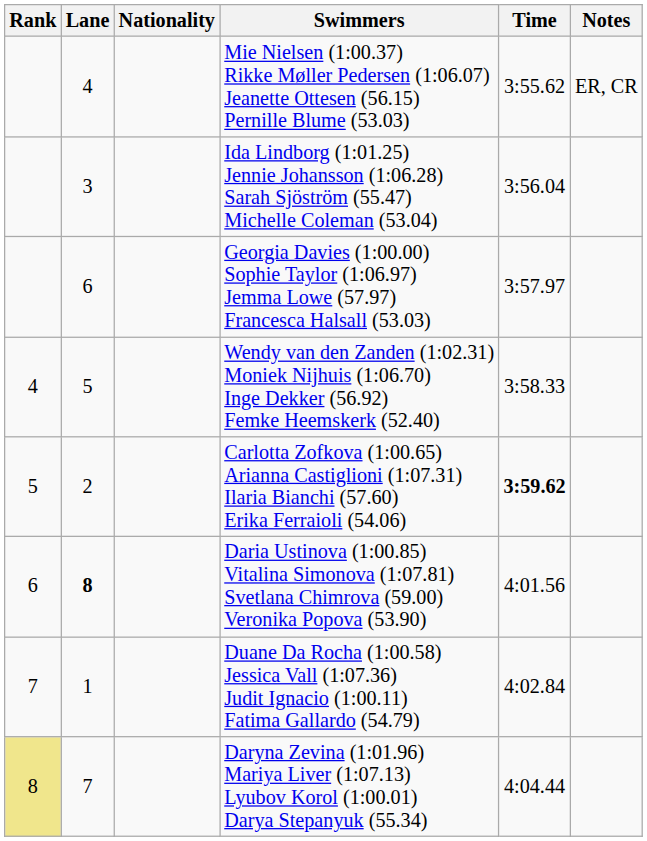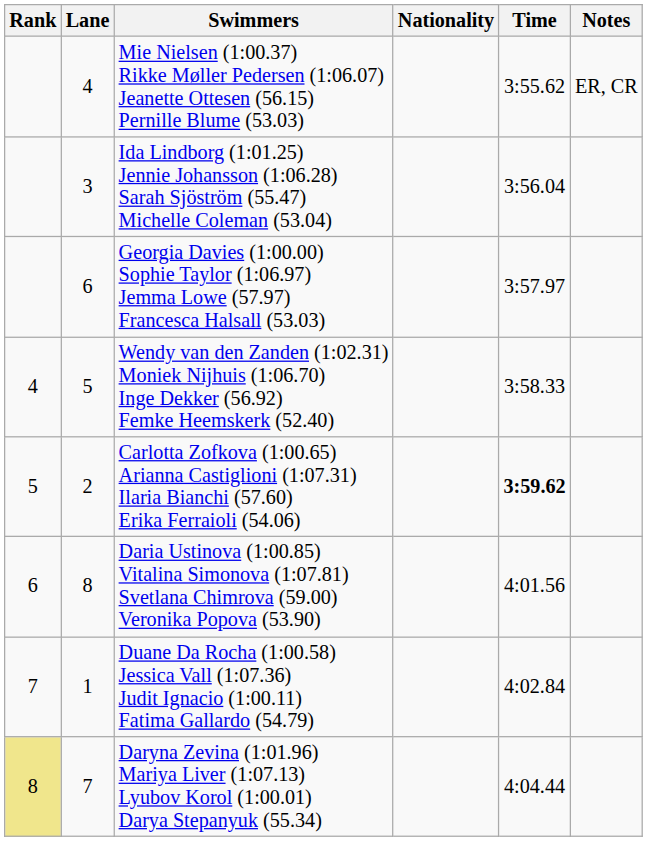 <table class="wikitable sortable" style="text-align:center">
 <tr>
 <th>Rank</th>
 <th>Lane</th>
+<th>Swimmers</th>
 <th>Nationality</th>
-<th>Swimmers</th>
 <th>Time</th>
 <th>Notes</th>
 </tr>
 <tr>
 <td></td>
 <td>4</td>
+<td align=left><a href='#'>Mie Nielsen</a> (1:00.37)<br><a href='#'>Rikke Møller Pedersen</a> (1:06.07)<br><a href='#'>Jeanette Ottesen</a> (56.15)<br><a href='#'>Pernille Blume</a> (53.03)</td>
 <td align=left></td>
-<td align=left><a href='#'>Mie Nielsen</a> (1:00.37)<br><a href='#'>Rikke Møller Pedersen</a> (1:06.07)<br><a href='#'>Jeanette Ottesen</a> (56.15)<br><a href='#'>Pernille Blume</a> (53.03)</td>
 <td>3:55.62</td>
 <td>ER, CR</td>
 </tr>
 <tr>
 <td></td>
 <td>3</td>
+<td align=left><a href='#'>Ida Lindborg</a> (1:01.25)<br><a href='#'>Jennie Johansson</a> (1:06.28)<br><a href='#'>Sarah Sjöström</a> (55.47)<br><a href='#'>Michelle Coleman</a> (53.04)</td>
 <td align=left></td>
-<td align=left><a href='#'>Ida Lindborg</a> (1:01.25)<br><a href='#'>Jennie Johansson</a> (1:06.28)<br><a href='#'>Sarah Sjöström</a> (55.47)<br><a href='#'>Michelle Coleman</a> (53.04)</td>
 <td>3:56.04</td>
 <td></td>
 </tr>
 <tr>
 <td></td>
 <td>6</td>
+<td align=left><a href='#'>Georgia Davies</a> (1:00.00)<br><a href='#'>Sophie Taylor</a> (1:06.97)<br><a href='#'>Jemma Lowe</a> (57.97)<br><a href='#'>Francesca Halsall</a> (53.03)</td>
 <td align=left></td>
-<td align=left><a href='#'>Georgia Davies</a> (1:00.00)<br><a href='#'>Sophie Taylor</a> (1:06.97)<br><a href='#'>Jemma Lowe</a> (57.97)<br><a href='#'>Francesca Halsall</a> (53.03)</td>
 <td>3:57.97</td>
 <td></td>
 </tr>
 <tr>
 <td>4</td>
 <td>5</td>
+<td align=left><a href='#'>Wendy van den Zanden</a> (1:02.31)<br><a href='#'>Moniek Nijhuis</a> (1:06.70)<br><a href='#'>Inge Dekker</a> (56.92)<br><a href='#'>Femke Heemskerk</a> (52.40)</td>
 <td align=left></td>
-<td align=left><a href='#'>Wendy van den Zanden</a> (1:02.31)<br><a href='#'>Moniek Nijhuis</a> (1:06.70)<br><a href='#'>Inge Dekker</a> (56.92)<br><a href='#'>Femke Heemskerk</a> (52.40)</td>
 <td>3:58.33</td>
 <td></td>
 </tr>
 <tr>
 <td>5</td>
 <td>2</td>
+<td align=left><a href='#'>Carlotta Zofkova</a> (1:00.65)<br><a href='#'>Arianna Castiglioni</a> (1:07.31)<br><a href='#'>Ilaria Bianchi</a> (57.60)<br><a href='#'>Erika Ferraioli</a> (54.06)</td>
 <td align=left></td>
-<td align=left><a href='#'>Carlotta Zofkova</a> (1:00.65)<br><a href='#'>Arianna Castiglioni</a> (1:07.31)<br><a href='#'>Ilaria Bianchi</a> (57.60)<br><a href='#'>Erika Ferraioli</a> (54.06)</td>
 <td><strong>3:59.62</strong></td>
 <td></td>
 </tr>
 <tr>
 <td>6</td>
-<td><strong>8</strong></td>
+<td>8</td>
+<td align=left><a href='#'>Daria Ustinova</a> (1:00.85)<br><a href='#'>Vitalina Simonova</a> (1:07.81)<br><a href='#'>Svetlana Chimrova</a> (59.00)<br><a href='#'>Veronika Popova</a> (53.90)</td>
 <td align=left></td>
-<td align=left><a href='#'>Daria Ustinova</a> (1:00.85)<br><a href='#'>Vitalina Simonova</a> (1:07.81)<br><a href='#'>Svetlana Chimrova</a> (59.00)<br><a href='#'>Veronika Popova</a> (53.90)</td>
 <td>4:01.56</td>
 <td></td>
 </tr>
 <tr>
 <td>7</td>
 <td>1</td>
+<td align=left><a href='#'>Duane Da Rocha</a> (1:00.58)<br><a href='#'>Jessica Vall</a> (1:07.36)<br><a href='#'>Judit Ignacio</a> (1:00.11)<br><a href='#'>Fatima Gallardo</a> (54.79)</td>
 <td align=left></td>
-<td align=left><a href='#'>Duane Da Rocha</a> (1:00.58)<br><a href='#'>Jessica Vall</a> (1:07.36)<br><a href='#'>Judit Ignacio</a> (1:00.11)<br><a href='#'>Fatima Gallardo</a> (54.79)</td>
 <td>4:02.84</td>
 <td></td>
 </tr>
 <tr>
 <td style="background: khaki;">8</td>
 <td>7</td>
+<td align=left><a href='#'>Daryna Zevina</a> (1:01.96)<br><a href='#'>Mariya Liver</a> (1:07.13)<br><a href='#'>Lyubov Korol</a> (1:00.01)<br><a href='#'>Darya Stepanyuk</a> (55.34)</td>
 <td align=left></td>
-<td align=left><a href='#'>Daryna Zevina</a> (1:01.96)<br><a href='#'>Mariya Liver</a> (1:07.13)<br><a href='#'>Lyubov Korol</a> (1:00.01)<br><a href='#'>Darya Stepanyuk</a> (55.34)</td>
 <td>4:04.44</td>
 <td></td>
 </tr>
 </table>
